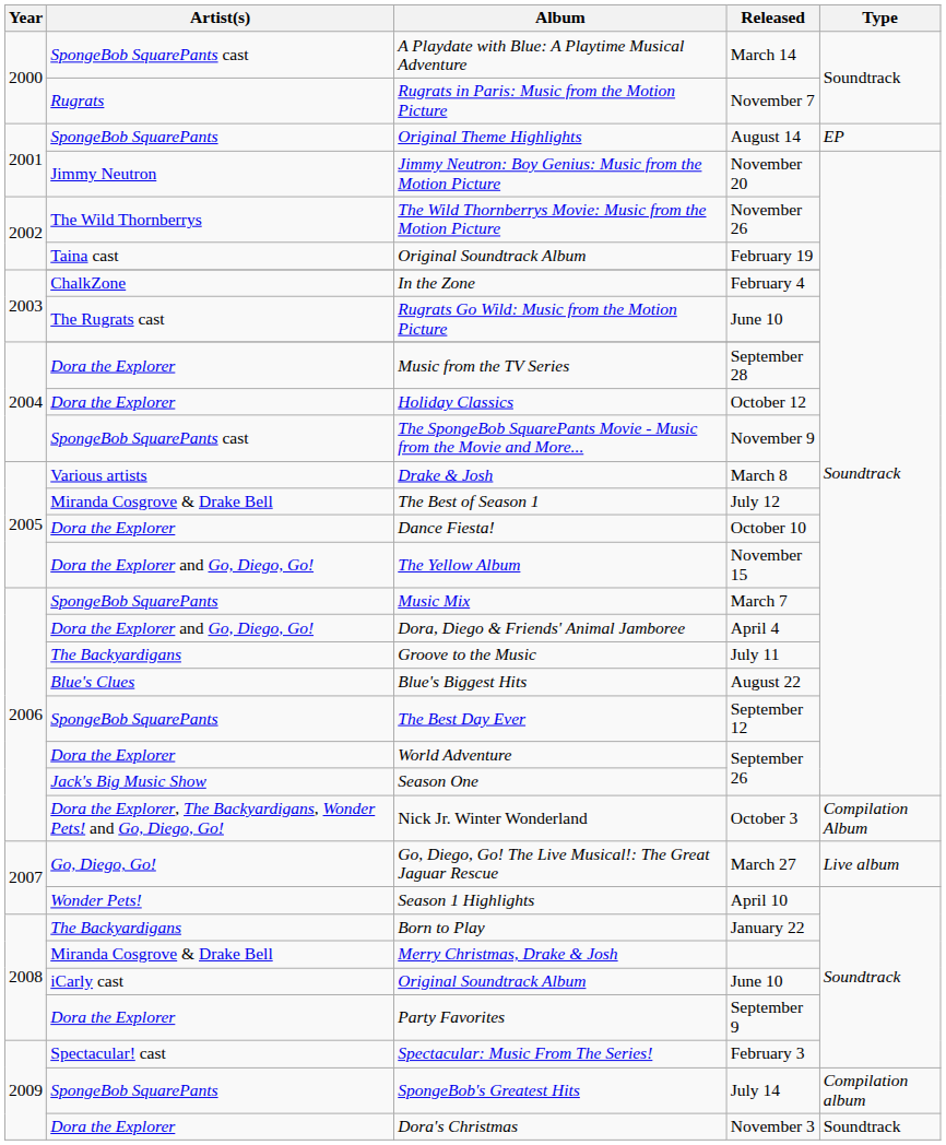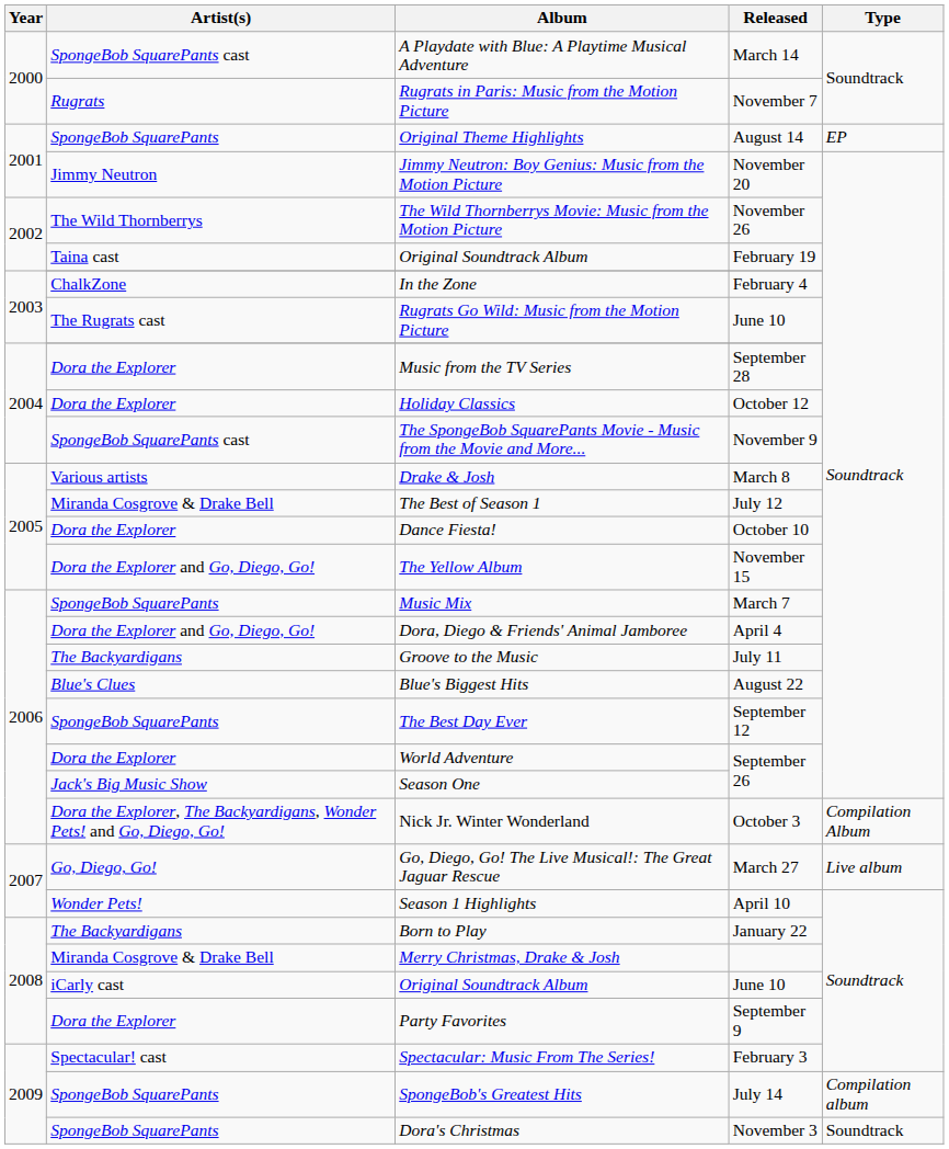 <table class="wikitable" style="margin:1em auto;">
 <tr>
 <th scope="col" rowspan="1">Year</th>
 <th scope="col" rowspan="1">Artist(s)</th>
 <th scope="col" rowspan="1">Album</th>
 <th scope="col" rowspan="1">Released</th>
 <th scope="col" rowspan="1">Type</th>
 </tr>
 <tr>
 <td rowspan="2">2000</td>
 <td><em><a href='#'>SpongeBob SquarePants</a></em> cast</td>
 <td><em>A Playdate with Blue: A Playtime Musical Adventure</em></td>
 <td>March 14</td>
 <td rowspan="2">Soundtrack</td>
 </tr>
 <tr>
 <td><em><a href='#'>Rugrats</a></em></td>
 <td><em><a href='#'>Rugrats in Paris: Music from the Motion Picture</a></em></td>
 <td>November 7</td>
 </tr>
 <tr>
 <td rowspan="2">2001</td>
 <td><em><a href='#'>SpongeBob SquarePants</a></em></td>
 <td><em><a href='#'>Original Theme Highlights</a></em></td>
 <td>August 14</td>
 <td><em>EP</em></td>
 </tr>
 <tr>
 <td><a href='#'>Jimmy Neutron</a></td>
 <td><em><a href='#'>Jimmy Neutron: Boy Genius: Music from the Motion Picture</a></em></td>
 <td>November 20</td>
 <td rowspan="21"><em>Soundtrack</em></td>
 </tr>
 <tr>
 <td rowspan="2">2002</td>
 <td><a href='#'>The Wild Thornberrys</a></td>
 <td><em><a href='#'>The Wild Thornberrys Movie: Music from the Motion Picture</a></em></td>
 <td>November 26</td>
 </tr>
 <tr>
 <td><a href='#'>Taina</a> cast</td>
 <td><em>Original Soundtrack Album</em></td>
 <td>February 19</td>
 </tr>
 <tr>
 <td rowspan="3">2003</td>
 </tr>
 <tr>
 <td><a href='#'>ChalkZone</a></td>
 <td><em>In the Zone</em></td>
 <td>February 4</td>
 </tr>
 <tr>
 <td><a href='#'>The Rugrats</a> cast</td>
 <td><em><a href='#'>Rugrats Go Wild: Music from the Motion Picture</a></em></td>
 <td>June 10</td>
 </tr>
 <tr>
 <td rowspan="4">2004</td>
 </tr>
 <tr>
 <td><em><a href='#'>Dora the Explorer</a></em></td>
 <td><em>Music from the TV Series</em></td>
 <td>September 28</td>
 </tr>
 <tr>
 <td><em><a href='#'>Dora the Explorer</a></em></td>
 <td><em><a href='#'>Holiday Classics</a></em></td>
 <td>October 12</td>
 </tr>
 <tr>
 <td><em><a href='#'>SpongeBob SquarePants</a></em> cast</td>
 <td><em><a href='#'>The SpongeBob SquarePants Movie - Music from the Movie and More...</a></em></td>
 <td>November 9</td>
 </tr>
 <tr>
 <td rowspan="4">2005</td>
 <td><a href='#'>Various artists</a></td>
 <td><em><a href='#'>Drake & Josh</a></em></td>
 <td>March 8</td>
 </tr>
 <tr>
 <td><a href='#'>Miranda Cosgrove</a> & <a href='#'>Drake Bell</a></td>
 <td><em>The Best of Season 1</em></td>
 <td>July 12</td>
 </tr>
 <tr>
 <td><em><a href='#'>Dora the Explorer</a></em></td>
 <td><em>Dance Fiesta!</em></td>
 <td>October 10</td>
 </tr>
 <tr>
 <td><em><a href='#'>Dora the Explorer</a></em> and <em><a href='#'>Go, Diego, Go!</a></em></td>
 <td><em><a href='#'>The Yellow Album</a></em></td>
 <td>November 15</td>
 </tr>
 <tr>
 <td rowspan="8">2006</td>
 <td><em><a href='#'>SpongeBob SquarePants</a></em></td>
 <td><em><a href='#'>Music Mix</a></em></td>
 <td>March 7</td>
 </tr>
 <tr>
 <td><em><a href='#'>Dora the Explorer</a></em> and <em><a href='#'>Go, Diego, Go!</a></em></td>
 <td><em>Dora, Diego & Friends' Animal Jamboree</em></td>
 <td>April 4</td>
 </tr>
 <tr>
 <td><em><a href='#'>The Backyardigans</a></em></td>
 <td><em>Groove to the Music</em></td>
 <td>July 11</td>
 </tr>
 <tr>
 <td><em><a href='#'>Blue's Clues</a></em></td>
 <td><em>Blue's Biggest Hits</em></td>
 <td>August 22</td>
 </tr>
 <tr>
 <td><em><a href='#'>SpongeBob SquarePants</a></em></td>
 <td><em><a href='#'>The Best Day Ever</a></em></td>
 <td>September 12</td>
 </tr>
 <tr>
 <td><em><a href='#'>Dora the Explorer</a></em></td>
 <td><em>World Adventure</em></td>
 <td rowspan=2>September 26</td>
 </tr>
 <tr>
 <td><em><a href='#'>Jack's Big Music Show</a></em></td>
 <td><em>Season One</em></td>
 </tr>
 <tr>
 <td><em><a href='#'>Dora the Explorer</a></em>, <em><a href='#'>The Backyardigans</a></em>, <em><a href='#'>Wonder Pets!</a></em> and <em><a href='#'>Go, Diego, Go!</a></em></td>
 <td>Nick Jr. Winter Wonderland</td>
 <td>October 3</td>
 <td><em>Compilation Album</em></td>
 </tr>
 <tr>
 <td rowspan="2">2007</td>
 <td><em><a href='#'>Go, Diego, Go!</a></em></td>
 <td><em>Go, Diego, Go! The Live Musical!: The Great Jaguar Rescue</em></td>
 <td>March 27</td>
 <td><em>Live album</em></td>
 </tr>
 <tr>
 <td><em><a href='#'>Wonder Pets!</a></em></td>
 <td><em>Season 1 Highlights</em></td>
 <td>April 10</td>
 <td rowspan="6"><em>Soundtrack</em></td>
 </tr>
 <tr>
 <td rowspan="4'">2008</td>
 <td><em><a href='#'>The Backyardigans</a></em></td>
 <td><em>Born to Play</em></td>
 <td>January 22</td>
 </tr>
 <tr>
 <td><a href='#'>Miranda Cosgrove</a> & <a href='#'>Drake Bell</a></td>
 <td><em><a href='#'>Merry Christmas, Drake & Josh</a></em></td>
 <td></td>
 </tr>
 <tr>
 <td><a href='#'>iCarly</a> cast</td>
 <td><em><a href='#'>Original Soundtrack Album</a></em></td>
 <td>June 10</td>
 </tr>
 <tr>
 <td><em><a href='#'>Dora the Explorer</a></em></td>
 <td><em>Party Favorites</em></td>
 <td>September 9</td>
 </tr>
 <tr>
 <td rowspan="3">2009</td>
 <td><a href='#'>Spectacular!</a> cast</td>
 <td><em><a href='#'>Spectacular: Music From The Series!</a></em></td>
 <td>February 3</td>
 </tr>
 <tr>
 <td><em><a href='#'>SpongeBob SquarePants</a></em></td>
 <td><em><a href='#'>SpongeBob's Greatest Hits</a></em></td>
 <td>July 14</td>
 <td><em>Compilation album</em></td>
 </tr>
 <tr>
-<td><em><a href='#'>Dora the Explorer</a></em></td>
+<td><em><a href='#'>SpongeBob SquarePants</a></em></td>
 <td><em>Dora's Christmas</em></td>
 <td>November 3</td>
 <td>Soundtrack</td>
 </tr>
 </table>
